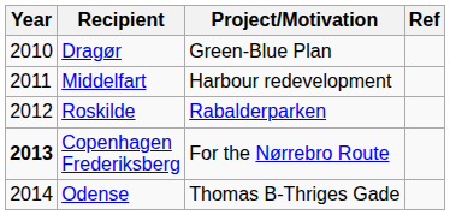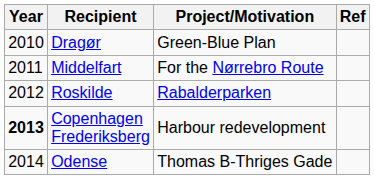 <table class="wikitable sortable">
 <tr>
 <th>Year</th>
 <th>Recipient</th>
 <th>Project/Motivation</th>
 <th>Ref</th>
 </tr>
 <tr>
 <td>2010</td>
 <td><a href='#'>Dragør</a></td>
 <td>Green-Blue Plan</td>
 <td></td>
 </tr>
 <tr>
 <td>2011</td>
 <td><a href='#'>Middelfart</a></td>
-<td>Harbour redevelopment</td>
+<td>For the <a href='#'>Nørrebro Route</a></td>
 <td></td>
 </tr>
 <tr>
 <td>2012</td>
 <td><a href='#'>Roskilde</a></td>
 <td><a href='#'>Rabalderparken</a></td>
 <td></td>
 </tr>
 <tr>
 <td><strong>2013</strong></td>
 <td><a href='#'>Copenhagen</a> <br> <a href='#'>Frederiksberg</a></td>
-<td>For the <a href='#'>Nørrebro Route</a></td>
+<td>Harbour redevelopment</td>
 <td></td>
 </tr>
 <tr>
 <td>2014</td>
 <td><a href='#'>Odense</a></td>
 <td>Thomas B-Thriges Gade</td>
 <td></td>
 </tr>
 <tr>
 </tr>
 </table>
